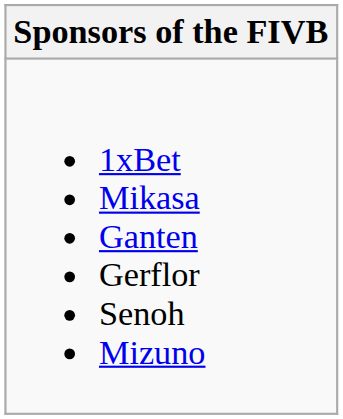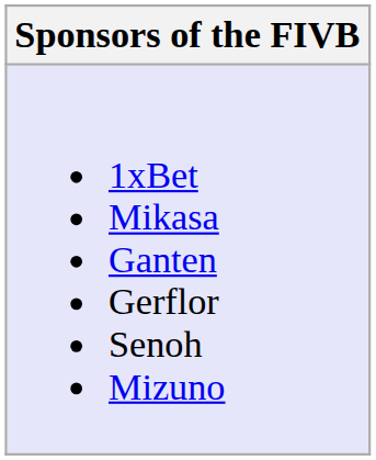 <table class="wikitable collapsible " style="float:center; margin:10px;">
 <tr>
 <th>Sponsors of the FIVB</th>
 </tr>
 <tr>
-<td><br><ul><li><a href='#'>1xBet</a></li><li><a href='#'>Mikasa</a></li><li><a href='#'>Ganten</a></li><li>Gerflor</li><li>Senoh</li><li><a href='#'>Mizuno</a></li></ul></td>
+<td style="background: lavender;"><br><ul><li><a href='#'>1xBet</a></li><li><a href='#'>Mikasa</a></li><li><a href='#'>Ganten</a></li><li>Gerflor</li><li>Senoh</li><li><a href='#'>Mizuno</a></li></ul></td>
 </tr>
 </table>
